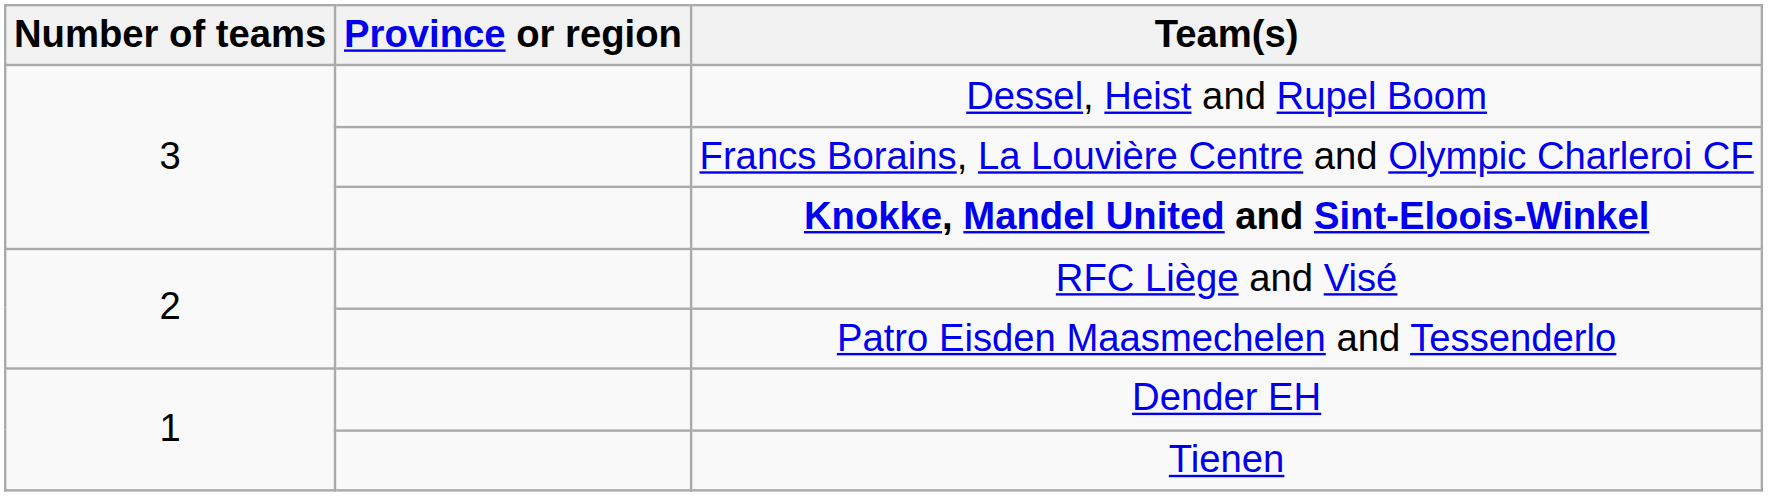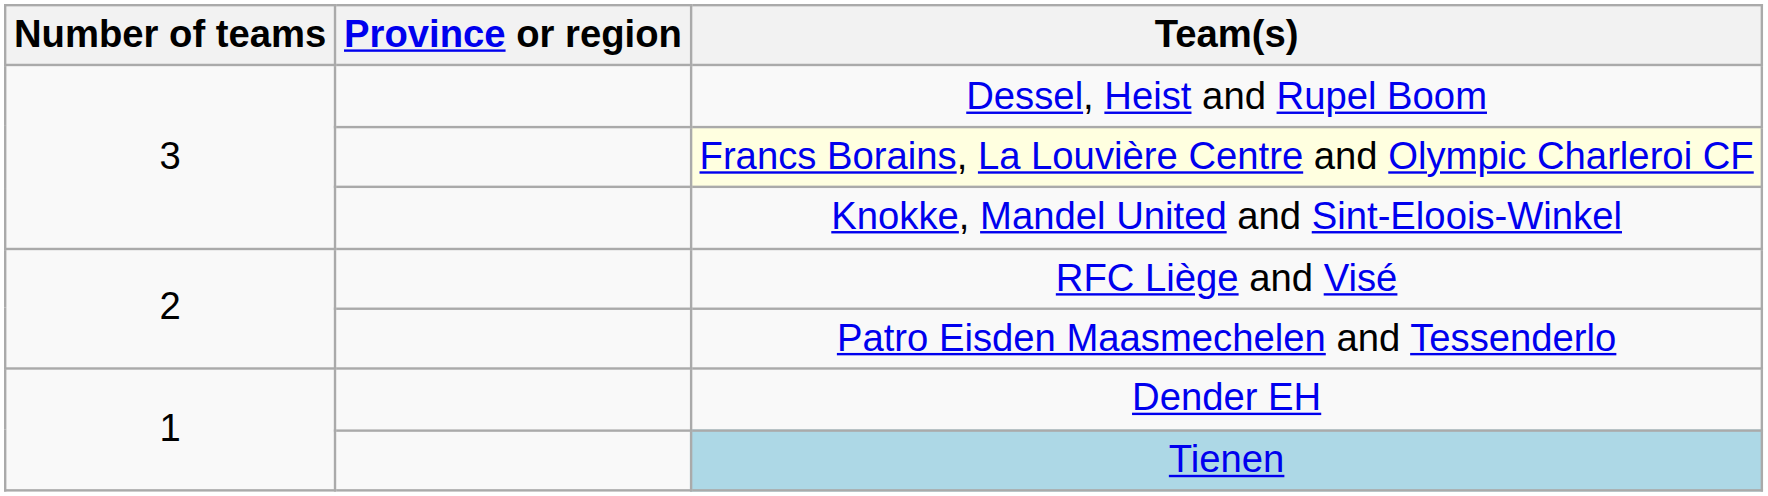 <table class="wikitable" style="text-align:center">
 <tr>
 <th>Number of teams</th>
 <th><a href='#'>Province</a> or region</th>
 <th>Team(s)</th>
 </tr>
 <tr>
 <td rowspan="3">3</td>
 <td align="left"></td>
 <td><a href='#'>Dessel</a>, <a href='#'>Heist</a> and <a href='#'>Rupel Boom</a></td>
 </tr>
 <tr>
 <td align="left"></td>
-<td><a href='#'>Francs Borains</a>, <a href='#'>La Louvière Centre</a> and <a href='#'>Olympic Charleroi CF</a></td>
+<td style="background: lightyellow;"><a href='#'>Francs Borains</a>, <a href='#'>La Louvière Centre</a> and <a href='#'>Olympic Charleroi CF</a></td>
 </tr>
 <tr>
 <td align="left"></td>
-<td><strong><a href='#'>Knokke</a>, <a href='#'>Mandel United</a> and <a href='#'>Sint-Eloois-Winkel</a></strong></td>
+<td><a href='#'>Knokke</a>, <a href='#'>Mandel United</a> and <a href='#'>Sint-Eloois-Winkel</a></td>
 </tr>
 <tr>
 <td rowspan="2">2</td>
 <td align="left"></td>
 <td><a href='#'>RFC Liège</a> and <a href='#'>Visé</a></td>
 </tr>
 <tr>
 <td align="left"></td>
 <td><a href='#'>Patro Eisden Maasmechelen</a> and <a href='#'>Tessenderlo</a></td>
 </tr>
 <tr>
 <td rowspan="2">1</td>
 <td align="left"></td>
 <td><a href='#'>Dender EH</a></td>
 </tr>
 <tr>
 <td align="left"></td>
-<td><a href='#'>Tienen</a></td>
+<td style="background: lightblue;"><a href='#'>Tienen</a></td>
 </tr>
 </table>
